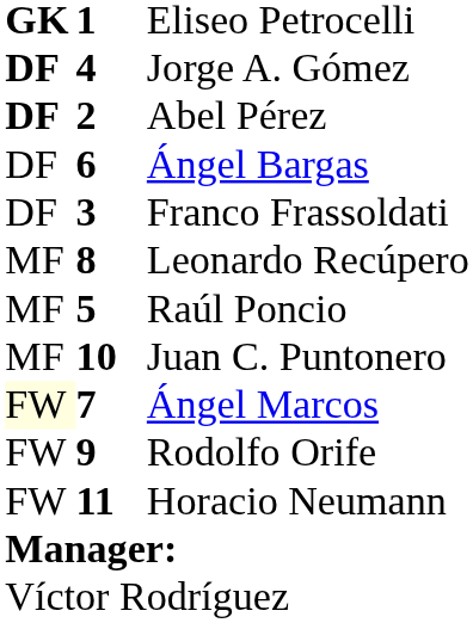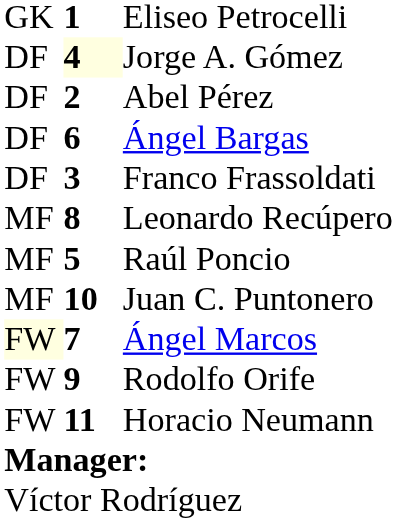 <table style="font-size:90%; margin:0.2em auto;" cellspacing="0" cellpadding="0">
 <tr>
 <th width="25"></th>
 <th width="25"></th>
 </tr>
 <tr>
-<td><strong>GK</strong></td>
+<td>GK</td>
 <td><strong>1</strong></td>
 <td> Eliseo Petrocelli</td>
 </tr>
 <tr>
-<td><strong>DF</strong></td>
-<td><strong>4</strong></td>
+<td>DF</td>
+<td style="background: lightyellow;"><strong>4</strong></td>
 <td> Jorge A. Gómez</td>
 </tr>
 <tr>
-<td><strong>DF</strong></td>
+<td>DF</td>
 <td><strong>2</strong></td>
 <td> Abel Pérez</td>
 </tr>
 <tr>
 <td>DF</td>
 <td><strong>6</strong></td>
 <td> <a href='#'>Ángel Bargas</a></td>
 </tr>
 <tr>
 <td>DF</td>
 <td><strong>3</strong></td>
 <td> Franco Frassoldati</td>
 </tr>
 <tr>
 <td>MF</td>
 <td><strong>8</strong></td>
 <td> Leonardo Recúpero</td>
 </tr>
 <tr>
 <td>MF</td>
 <td><strong>5</strong></td>
 <td> Raúl Poncio</td>
 </tr>
 <tr>
 <td>MF</td>
 <td><strong>10</strong></td>
 <td> Juan C. Puntonero</td>
 </tr>
 <tr>
 <td style="background: lightyellow;">FW</td>
 <td><strong>7</strong></td>
 <td> <a href='#'>Ángel Marcos</a></td>
 </tr>
 <tr>
 <td>FW</td>
 <td><strong>9</strong></td>
 <td> Rodolfo Orife</td>
 </tr>
 <tr>
 <td>FW</td>
 <td><strong>11</strong></td>
 <td> Horacio Neumann</td>
 </tr>
 <tr>
 <td colspan=3><strong>Manager:</strong></td>
 </tr>
 <tr>
 <td colspan=4> Víctor Rodríguez</td>
 </tr>
 </table>
